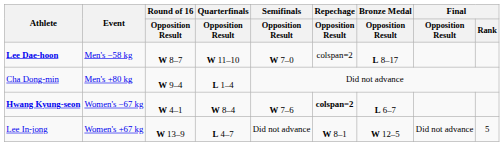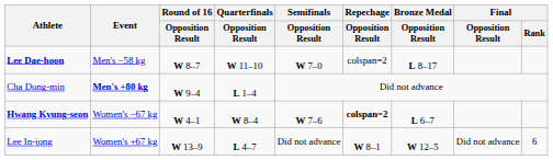 <table class="wikitable" style="font-size:90%">
 <tr>
 <th rowspan=2>Athlete</th>
 <th rowspan=2>Event</th>
 <th>Round of 16</th>
 <th>Quarterfinals</th>
 <th>Semifinals</th>
 <th>Repechage</th>
 <th>Bronze Medal</th>
 <th colspan=2>Final</th>
 </tr>
 <tr style="font-size:95%">
 <th>Opposition<br>Result</th>
 <th>Opposition<br>Result</th>
 <th>Opposition<br>Result</th>
 <th>Opposition<br>Result</th>
 <th>Opposition<br>Result</th>
 <th>Opposition<br>Result</th>
 <th>Rank</th>
 </tr>
 <tr align=center>
 <td align=left><strong><a href='#'>Lee Dae-hoon</a></strong></td>
 <td align=left><a href='#'>Men's −58 kg</a></td>
 <td> <br> <strong>W</strong> 8–7 </td>
 <td> <br> <strong>W</strong> 11–10 </td>
 <td><br><strong>W</strong> 7–0</td>
 <td>colspan=2 </td>
 <td> <br> <strong>L</strong> 8–17</td>
 <td></td>
 </tr>
 <tr align=center>
 <td align=left><a href='#'>Cha Dong-min</a></td>
-<td align=left><a href='#'>Men's +80 kg</a></td>
+<td align=left><strong><a href='#'>Men's +80 kg</a></strong></td>
 <td><br><strong>W</strong> 9–4</td>
 <td><br><strong>L</strong> 1–4</td>
 <td colspan=5>Did not advance</td>
 </tr>
 <tr align=center>
 <td align=left><strong><a href='#'>Hwang Kyung-seon</a></strong></td>
 <td align=left><a href='#'>Women's −67 kg</a></td>
 <td><br><strong>W</strong> 4–1</td>
 <td><br><strong>W</strong> 8–4</td>
 <td> <br> <strong>W</strong> 7–6</td>
 <td><strong>colspan=2 </strong></td>
 <td><br><strong>L</strong> 6–7</td>
 <td></td>
 </tr>
 <tr align=center>
 <td align=left><a href='#'>Lee In-jong</a></td>
 <td align=left><a href='#'>Women's +67 kg</a></td>
 <td><br><strong>W</strong> 13–9</td>
 <td><br><strong>L</strong> 4–7</td>
 <td>Did not advance</td>
 <td><br><strong>W</strong> 8–1</td>
 <td><br><strong>W</strong> 12–5</td>
 <td>Did not advance</td>
-<td>5</td>
+<td>6</td>
 </tr>
 </table>
